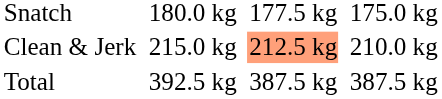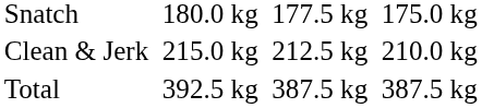 <table>
 <tr>
 <td>Snatch</td>
 <td></td>
 <td>180.0 kg</td>
 <td></td>
 <td>177.5 kg</td>
 <td></td>
 <td>175.0 kg</td>
 </tr>
 <tr>
 <td>Clean & Jerk</td>
 <td></td>
 <td>215.0 kg</td>
 <td></td>
-<td style="background: lightsalmon;">212.5 kg</td>
+<td>212.5 kg</td>
 <td></td>
 <td>210.0 kg</td>
 </tr>
 <tr>
 <td>Total</td>
 <td></td>
 <td>392.5 kg</td>
 <td></td>
 <td>387.5 kg</td>
 <td></td>
 <td>387.5 kg</td>
 </tr>
 </table>
